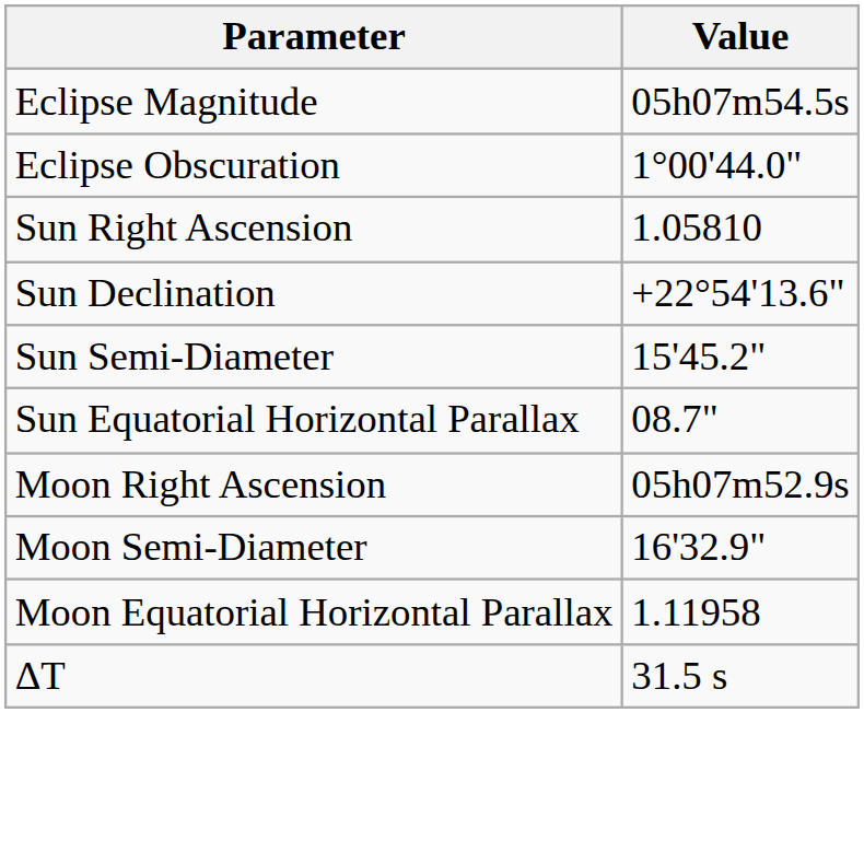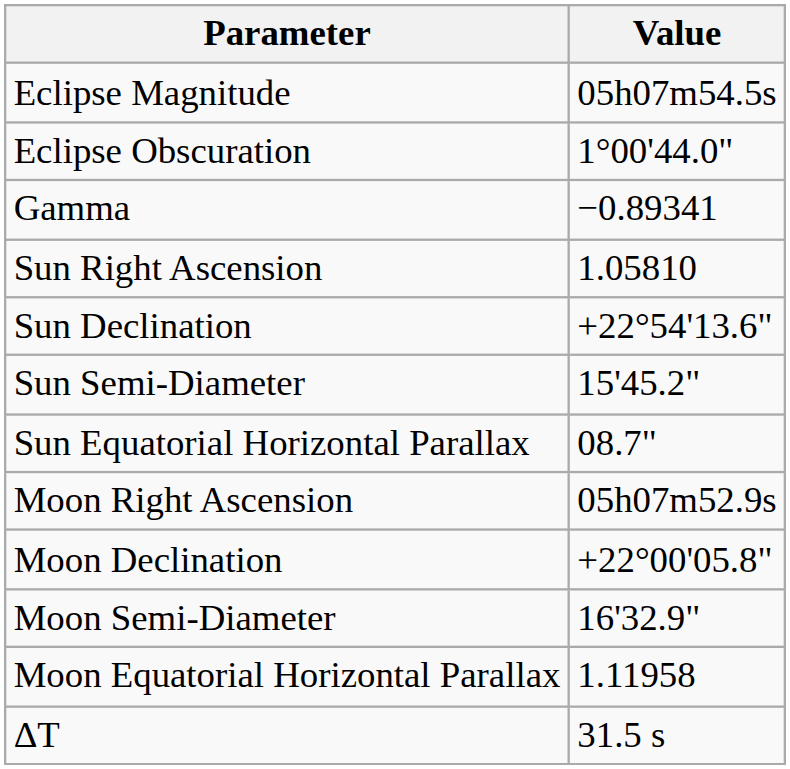 <table class="wikitable">
 <tr>
 <th>Parameter</th>
 <th>Value</th>
 </tr>
 <tr>
 <td>Eclipse Magnitude</td>
 <td>05h07m54.5s</td>
 </tr>
 <tr>
 <td>Eclipse Obscuration</td>
 <td>1°00'44.0"</td>
+</tr>
+<tr>
+<td>Gamma</td>
+<td>−0.89341</td>
 </tr>
 <tr>
 <td>Sun Right Ascension</td>
 <td>1.05810</td>
 </tr>
 <tr>
 <td>Sun Declination</td>
 <td>+22°54'13.6"</td>
 </tr>
 <tr>
 <td>Sun Semi-Diameter</td>
 <td>15'45.2"</td>
 </tr>
 <tr>
 <td>Sun Equatorial Horizontal Parallax</td>
 <td>08.7"</td>
 </tr>
 <tr>
 <td>Moon Right Ascension</td>
 <td>05h07m52.9s</td>
 </tr>
 <tr>
+<td>Moon Declination</td>
+<td>+22°00'05.8"</td>
+</tr>
+<tr>
 <td>Moon Semi-Diameter</td>
 <td>16'32.9"</td>
 </tr>
 <tr>
 <td>Moon Equatorial Horizontal Parallax</td>
 <td>1.11958</td>
 </tr>
 <tr>
 <td>ΔT</td>
 <td>31.5 s</td>
 </tr>
 </table>
